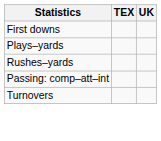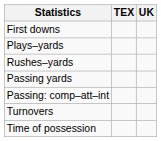 <table class="wikitable" style="float:left">
 <tr>
 <th>Statistics</th>
 <th>TEX</th>
 <th>UK</th>
 </tr>
 <tr>
 <td>First downs</td>
 <td></td>
 <td></td>
 </tr>
 <tr>
 <td>Plays–yards</td>
 <td></td>
 <td></td>
 </tr>
 <tr>
 <td>Rushes–yards</td>
 <td></td>
 <td></td>
 </tr>
 <tr>
+<td>Passing yards</td>
+<td></td>
+<td></td>
+</tr>
+<tr>
 <td>Passing: comp–att–int</td>
 <td></td>
 <td></td>
 </tr>
 <tr>
 <td>Turnovers</td>
 <td></td>
 <td></td>
 </tr>
+<tr>
+<td>Time of possession</td>
+<td></td>
+<td></td>
+</tr>
 </table>
